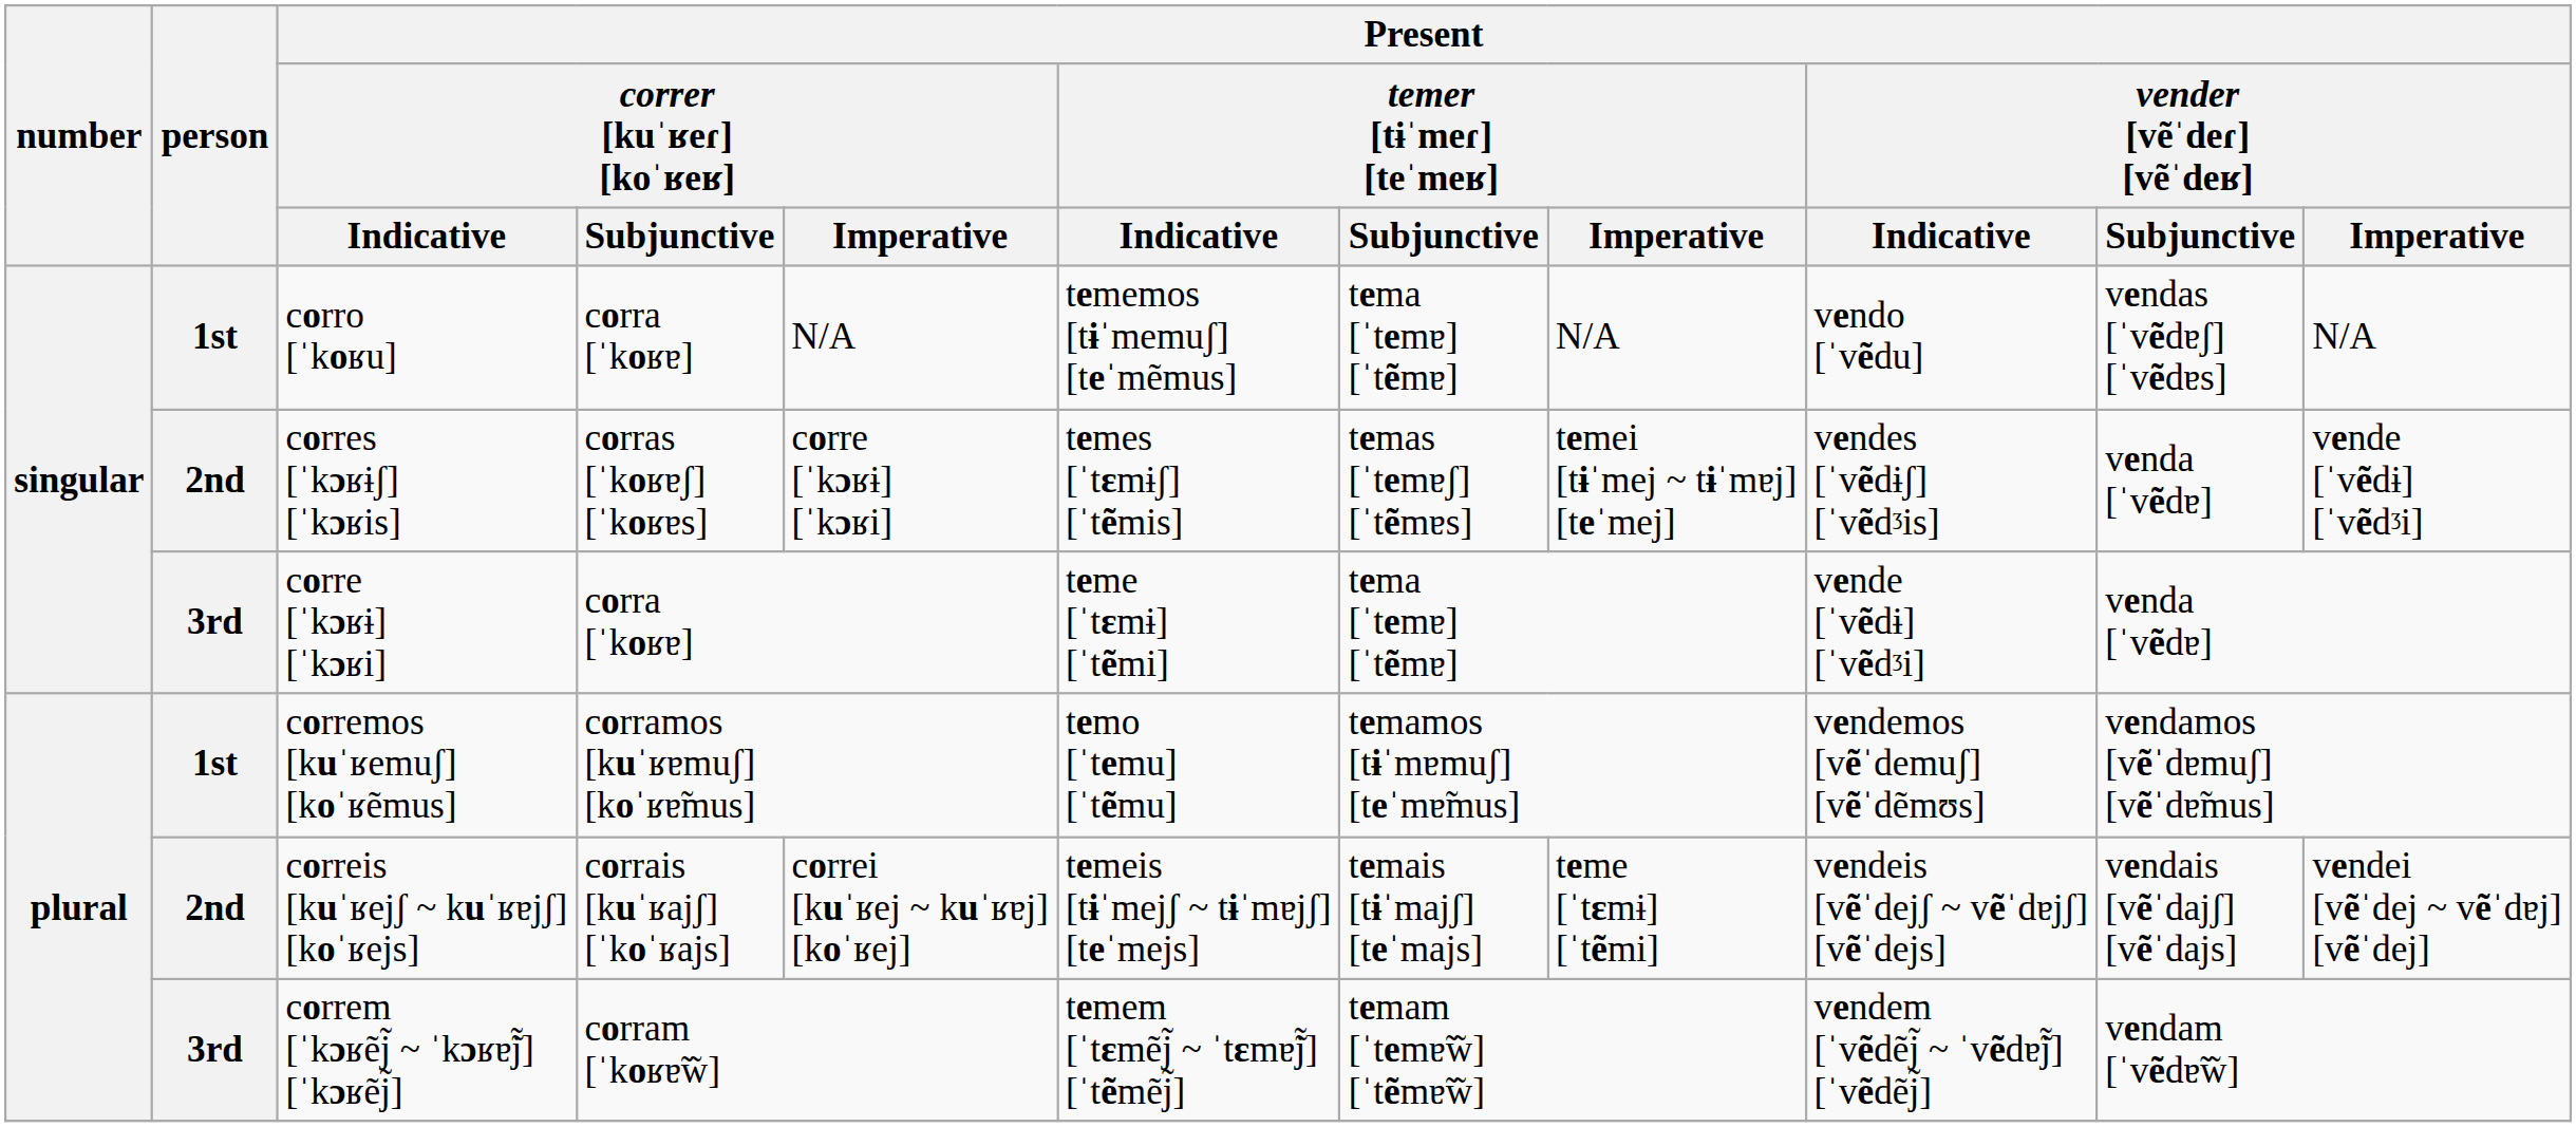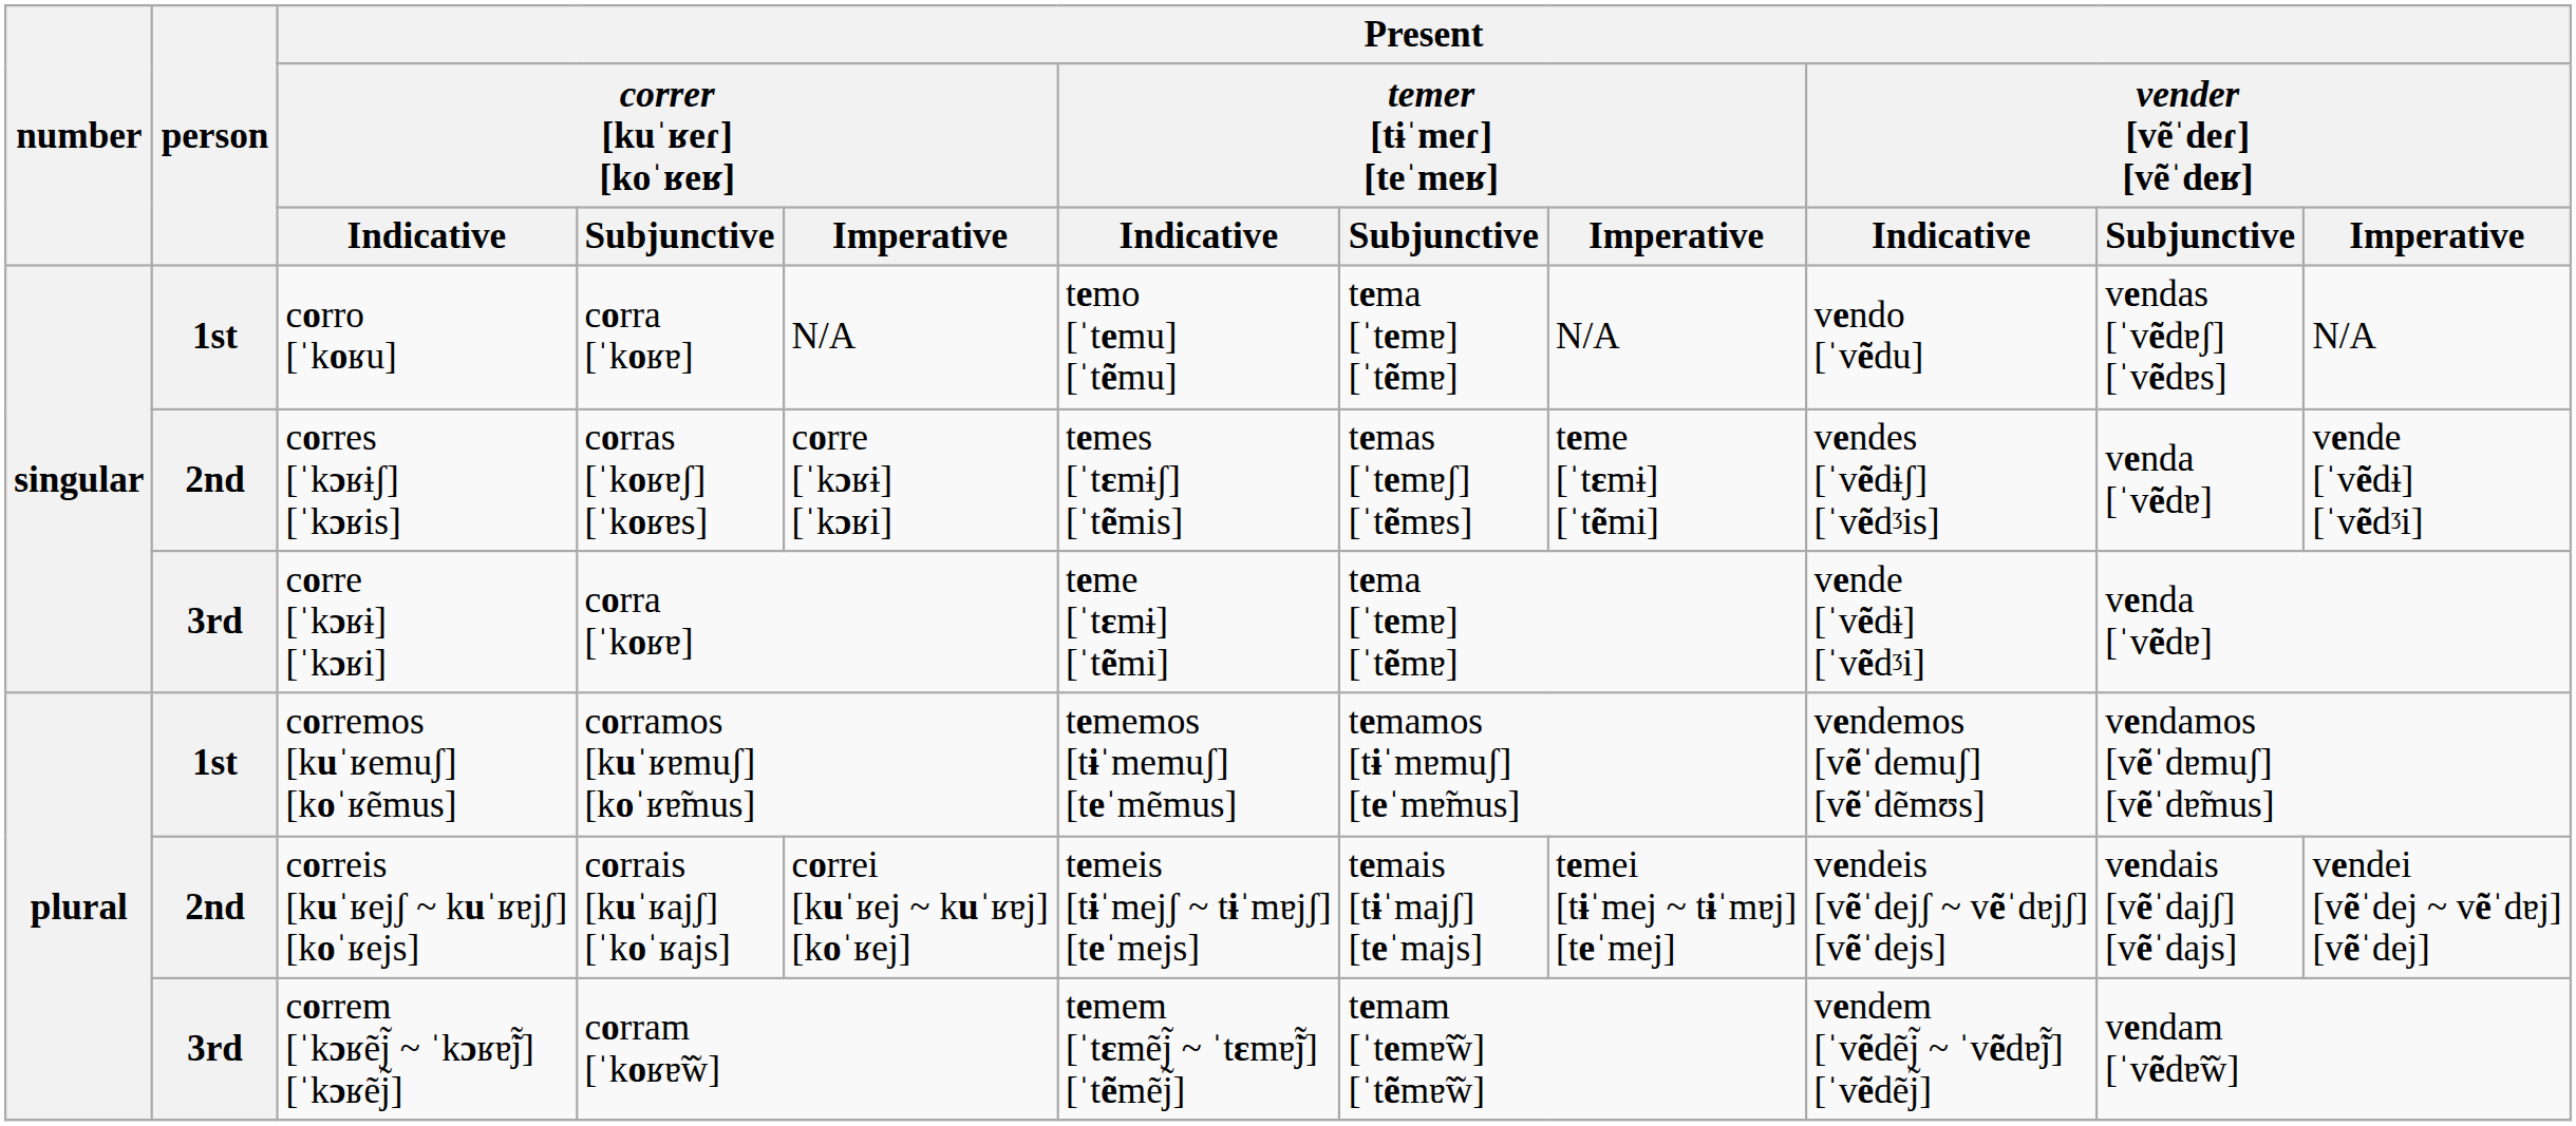 <table class="wikitable">
 <tr>
 <th rowspan="3">number</th>
 <th rowspan="3">person</th>
 <th colspan="12">Present</th>
 </tr>
 <tr>
 <th colspan="3"><em>correr</em><br>[k<strong>u</strong>ˈʁeɾ]<br>[k<strong>o</strong>ˈʁeʁ]</th>
 <th colspan="3"><em>temer</em><br>[t<strong>ɨ</strong>ˈmeɾ]<br>[t<strong>e</strong>ˈmeʁ]</th>
 <th colspan="3"><em>vender</em><br>[v<strong>ẽ</strong>ˈdeɾ]<br>[v<strong>ẽ</strong>ˈdeʁ]</th>
 </tr>
 <tr>
 <th>Indicative</th>
 <th>Subjunctive</th>
 <th>Imperative</th>
 <th>Indicative</th>
 <th>Subjunctive</th>
 <th>Imperative</th>
 <th>Indicative</th>
 <th>Subjunctive</th>
 <th>Imperative</th>
 </tr>
 <tr>
 <th rowspan="3">singular</th>
 <th>1st</th>
 <td>c<strong>o</strong>rro<br>[ˈk<strong>o</strong>ʁu]</td>
 <td>c<strong>o</strong>rra<br>[ˈk<strong>o</strong>ʁɐ]</td>
 <td>N/A</td>
-<td>t<strong>e</strong>memos<br>[t<strong>ɨ</strong>ˈmemuʃ]<br>[t<strong>e</strong>ˈmẽmus]</td>
+<td>t<strong>e</strong>mo<br>[ˈt<strong>e</strong>mu]<br>[ˈt<strong>ẽ</strong>mu]</td>
 <td>t<strong>e</strong>ma<br>[ˈt<strong>e</strong>mɐ]<br>[ˈt<strong>ẽ</strong>mɐ]</td>
 <td>N/A</td>
 <td>v<strong>e</strong>ndo<br>[ˈv<strong>ẽ</strong>du]</td>
 <td>v<strong>e</strong>ndas<br>[ˈv<strong>ẽ</strong>dɐʃ]<br>[ˈv<strong>ẽ</strong>dɐs]</td>
 <td>N/A</td>
 </tr>
 <tr>
 <th>2nd</th>
 <td>c<strong>o</strong>rres<br>[ˈk<strong>ɔ</strong>ʁɨʃ]<br>[ˈk<strong>ɔ</strong>ʁis]</td>
 <td>c<strong>o</strong>rras<br>[ˈk<strong>o</strong>ʁɐʃ]<br>[ˈk<strong>o</strong>ʁɐs]</td>
 <td>c<strong>o</strong>rre<br>[ˈk<strong>ɔ</strong>ʁɨ]<br>[ˈk<strong>ɔ</strong>ʁi]</td>
 <td>t<strong>e</strong>mes<br>[ˈt<strong>ɛ</strong>mɨʃ]<br>[ˈt<strong>ẽ</strong>mis]</td>
 <td>t<strong>e</strong>mas<br>[ˈt<strong>e</strong>mɐʃ]<br>[ˈt<strong>ẽ</strong>mɐs]</td>
-<td>t<strong>e</strong>mei<br>[t<strong>ɨ</strong>ˈmej ~ t<strong>ɨ</strong>ˈmɐj]<br>[t<strong>e</strong>ˈmej]</td>
+<td>t<strong>e</strong>me<br>[ˈt<strong>ɛ</strong>mɨ]<br>[ˈt<strong>ẽ</strong>mi]</td>
 <td>v<strong>e</strong>ndes<br>[ˈv<strong>ẽ</strong>dɨʃ]<br>[ˈv<strong>ẽ</strong>dᶾis]</td>
 <td>v<strong>e</strong>nda<br>[ˈv<strong>ẽ</strong>dɐ]</td>
 <td>v<strong>e</strong>nde<br>[ˈv<strong>ẽ</strong>dɨ]<br>[ˈv<strong>ẽ</strong>dᶾi]</td>
 </tr>
 <tr>
 <th>3rd</th>
 <td>c<strong>o</strong>rre<br>[ˈk<strong>ɔ</strong>ʁɨ]<br>[ˈk<strong>ɔ</strong>ʁi]</td>
 <td colspan="2">c<strong>o</strong>rra<br>[ˈk<strong>o</strong>ʁɐ]</td>
 <td>t<strong>e</strong>me<br>[ˈt<strong>ɛ</strong>mɨ]<br>[ˈt<strong>ẽ</strong>mi]</td>
 <td colspan="2">t<strong>e</strong>ma<br>[ˈt<strong>e</strong>mɐ]<br>[ˈt<strong>ẽ</strong>mɐ]</td>
 <td>v<strong>e</strong>nde<br>[ˈv<strong>ẽ</strong>dɨ]<br>[ˈv<strong>ẽ</strong>dᶾi]</td>
 <td colspan="2">v<strong>e</strong>nda<br>[ˈv<strong>ẽ</strong>dɐ]</td>
 </tr>
 <tr>
 <th rowspan="3">plural</th>
 <th>1st</th>
 <td>c<strong>o</strong>rremos<br>[k<strong>u</strong>ˈʁemuʃ]<br>[k<strong>o</strong>ˈʁẽmus]</td>
 <td colspan="2">c<strong>o</strong>rramos<br>[k<strong>u</strong>ˈʁɐmuʃ]<br>[k<strong>o</strong>ˈʁɐ̃mus]</td>
-<td>t<strong>e</strong>mo<br>[ˈt<strong>e</strong>mu]<br>[ˈt<strong>ẽ</strong>mu]</td>
+<td>t<strong>e</strong>memos<br>[t<strong>ɨ</strong>ˈmemuʃ]<br>[t<strong>e</strong>ˈmẽmus]</td>
 <td colspan="2">t<strong>e</strong>mamos<br>[t<strong>ɨ</strong>ˈmɐmuʃ]<br>[t<strong>e</strong>ˈmɐ̃mus]</td>
 <td>v<strong>e</strong>ndemos<br>[v<strong>ẽ</strong>ˈdemuʃ]<br>[v<strong>ẽ</strong>ˈdẽmʊs]</td>
 <td colspan="2">v<strong>e</strong>ndamos<br>[v<strong>ẽ</strong>ˈdɐmuʃ]<br>[v<strong>ẽ</strong>ˈdɐ̃mus]</td>
 </tr>
 <tr>
 <th>2nd</th>
 <td>c<strong>o</strong>rreis<br>[k<strong>u</strong>ˈʁejʃ ~ k<strong>u</strong>ˈʁɐjʃ]<br>[k<strong>o</strong>ˈʁejs]</td>
 <td>c<strong>o</strong>rrais<br>[k<strong>u</strong>ˈʁajʃ]<br>[ˈk<strong>o</strong>ˈʁajs]</td>
 <td>c<strong>o</strong>rrei<br>[k<strong>u</strong>ˈʁej ~ k<strong>u</strong>ˈʁɐj]<br>[k<strong>o</strong>ˈʁej]</td>
 <td>t<strong>e</strong>meis<br>[t<strong>ɨ</strong>ˈmejʃ ~ t<strong>ɨ</strong>ˈmɐjʃ]<br>[t<strong>e</strong>ˈmejs]</td>
 <td>t<strong>e</strong>mais<br>[t<strong>ɨ</strong>ˈmajʃ]<br>[t<strong>e</strong>ˈmajs]</td>
-<td>t<strong>e</strong>me<br>[ˈt<strong>ɛ</strong>mɨ]<br>[ˈt<strong>ẽ</strong>mi]</td>
+<td>t<strong>e</strong>mei<br>[t<strong>ɨ</strong>ˈmej ~ t<strong>ɨ</strong>ˈmɐj]<br>[t<strong>e</strong>ˈmej]</td>
 <td>v<strong>e</strong>ndeis<br>[v<strong>ẽ</strong>ˈdejʃ ~ v<strong>ẽ</strong>ˈdɐjʃ]<br>[v<strong>ẽ</strong>ˈdejs]</td>
 <td>v<strong>e</strong>ndais<br>[v<strong>ẽ</strong>ˈdajʃ]<br>[v<strong>ẽ</strong>ˈdajs]</td>
 <td>v<strong>e</strong>ndei<br>[v<strong>ẽ</strong>ˈdej ~ v<strong>ẽ</strong>ˈdɐj]<br>[v<strong>ẽ</strong>ˈdej]</td>
 </tr>
 <tr>
 <th>3rd</th>
 <td>c<strong>o</strong>rrem<br>[ˈk<strong>ɔ</strong>ʁẽj̃ ~ ˈk<strong>ɔ</strong>ʁɐ̃j̃]<br>[ˈk<strong>ɔ</strong>ʁẽj̃]</td>
 <td colspan="2">c<strong>o</strong>rram<br>[ˈk<strong>o</strong>ʁɐ̃w̃]</td>
 <td>t<strong>e</strong>mem<br>[ˈt<strong>ɛ</strong>mẽj̃ ~ ˈt<strong>ɛ</strong>mɐ̃j̃]<br>[ˈt<strong>ẽ</strong>mẽj̃]</td>
 <td colspan="2">t<strong>e</strong>mam<br>[ˈt<strong>e</strong>mɐ̃w̃]<br>[ˈt<strong>ẽ</strong>mɐ̃w̃]</td>
 <td>v<strong>e</strong>ndem<br>[ˈv<strong>ẽ</strong>dẽj̃ ~ ˈv<strong>ẽ</strong>dɐ̃j̃]<br>[ˈv<strong>ẽ</strong>dẽj̃]</td>
 <td colspan="2">v<strong>e</strong>ndam<br>[ˈv<strong>ẽ</strong>dɐ̃w̃]</td>
 </tr>
 <tr>
 </tr>
 </table>
